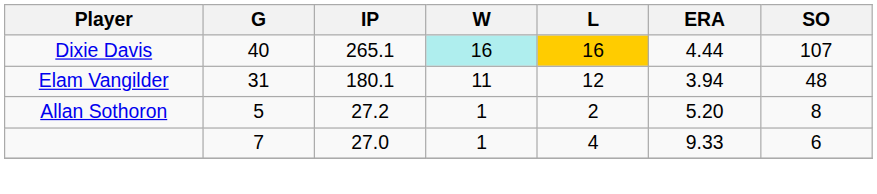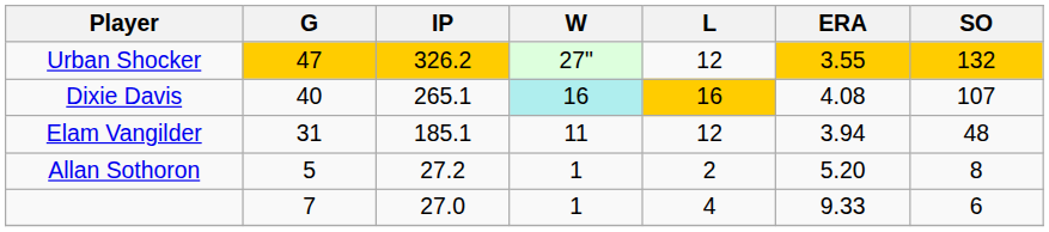 <table class="wikitable sortable">
 <tr>
 <th bgcolor="#DDDDFF" width="16%">Player</th>
 <th bgcolor="#DDDDFF" width="9%">G</th>
 <th bgcolor="#DDDDFF" width="9%">IP</th>
 <th bgcolor="#DDDDFF" width="9%">W</th>
 <th bgcolor="#DDDDFF" width="9%">L</th>
 <th bgcolor="#DDDDFF" width="9%">ERA</th>
 <th bgcolor="#DDDDFF" width="9%">SO</th>
 </tr>
 <tr align="center">
+<td><a href='#'>Urban Shocker</a></td>
+<td style="background:#fc0;">47</td>
+<td style="background:#fc0;">326.2</td>
+<td style="background:#DDFFDD;">27"</td>
+<td>12</td>
+<td style="background:#fc0;">3.55</td>
+<td style="background:#fc0;">132</td>
+</tr>
+<tr align="center">
 <td><a href='#'>Dixie Davis</a></td>
 <td>40</td>
 <td>265.1</td>
 <td style="background: paleturquoise;">16</td>
 <td style="background:#fc0;">16</td>
-<td>4.44</td>
+<td>4.08</td>
 <td>107</td>
 </tr>
 <tr align="center">
 <td><a href='#'>Elam Vangilder</a></td>
 <td>31</td>
-<td>180.1</td>
+<td>185.1</td>
 <td>11</td>
 <td>12</td>
 <td>3.94</td>
 <td>48</td>
 </tr>
 <tr align="center">
 <td><a href='#'>Allan Sothoron</a></td>
 <td>5</td>
 <td>27.2</td>
 <td>1</td>
 <td>2</td>
 <td>5.20</td>
 <td>8</td>
 </tr>
 <tr align="center">
 <td></td>
 <td>7</td>
 <td>27.0</td>
 <td>1</td>
 <td>4</td>
 <td>9.33</td>
 <td>6</td>
 </tr>
 <tr align="center">
 </tr>
 </table>
